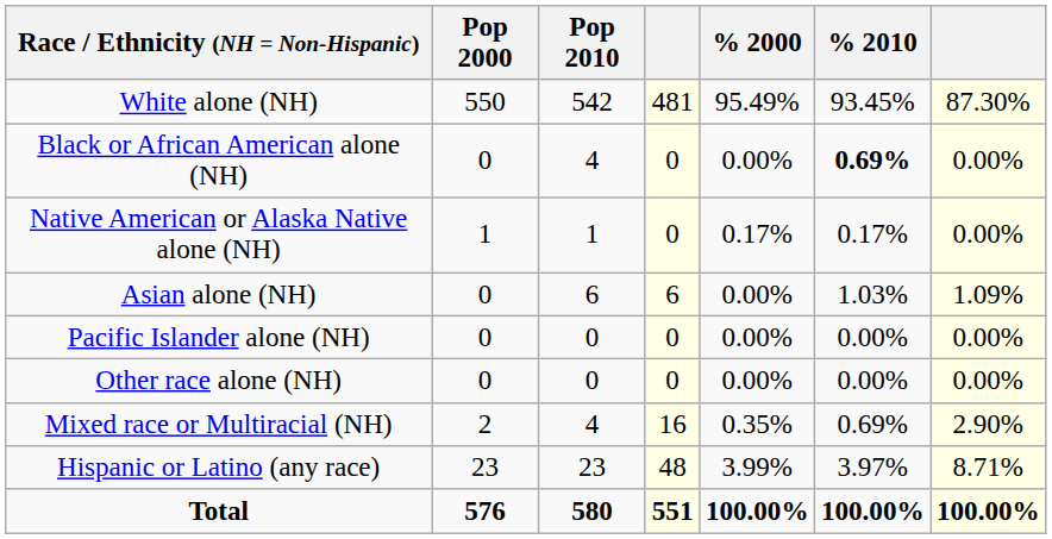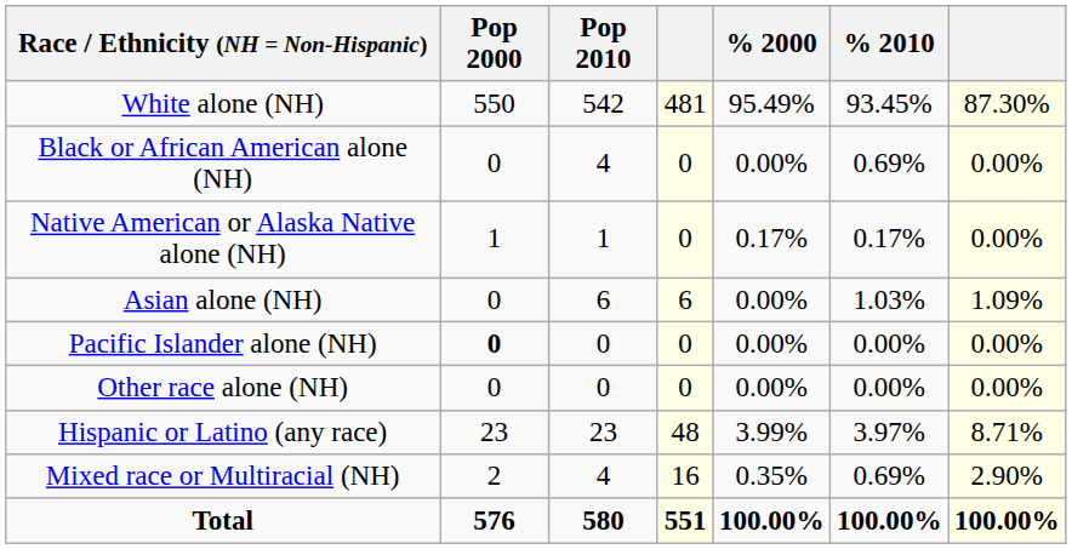 <table class="wikitable" style="text-align:center;">
 <tr>
 <th>Race / Ethnicity <small>(<em>NH = Non-Hispanic</em>)</small></th>
 <th>Pop 2000</th>
 <th>Pop 2010</th>
 <th></th>
 <th>% 2000</th>
 <th>% 2010</th>
 <th></th>
 </tr>
 <tr>
 <td><a href='#'>White</a> alone (NH)</td>
 <td>550</td>
 <td>542</td>
 <td style='background: #ffffe6;'>481</td>
 <td>95.49%</td>
 <td>93.45%</td>
 <td style='background: #ffffe6;'>87.30%</td>
 </tr>
 <tr>
 <td><a href='#'>Black or African American</a> alone (NH)</td>
 <td>0</td>
 <td>4</td>
 <td style='background: #ffffe6;'>0</td>
 <td>0.00%</td>
-<td><strong>0.69%</strong></td>
+<td>0.69%</td>
 <td style='background: #ffffe6;'>0.00%</td>
 </tr>
 <tr>
 <td><a href='#'>Native American</a> or <a href='#'>Alaska Native</a> alone (NH)</td>
 <td>1</td>
 <td>1</td>
 <td style='background: #ffffe6;'>0</td>
 <td>0.17%</td>
 <td>0.17%</td>
 <td style='background: #ffffe6;'>0.00%</td>
 </tr>
 <tr>
 <td><a href='#'>Asian</a> alone (NH)</td>
 <td>0</td>
 <td>6</td>
 <td style='background: #ffffe6;'>6</td>
 <td>0.00%</td>
 <td>1.03%</td>
 <td style='background: #ffffe6;'>1.09%</td>
 </tr>
 <tr>
 <td><a href='#'>Pacific Islander</a> alone (NH)</td>
-<td>0</td>
+<td><strong>0</strong></td>
 <td>0</td>
 <td style='background: #ffffe6;'>0</td>
 <td>0.00%</td>
 <td>0.00%</td>
 <td style='background: #ffffe6;'>0.00%</td>
 </tr>
 <tr>
 <td><a href='#'>Other race</a> alone (NH)</td>
 <td>0</td>
 <td>0</td>
 <td style='background: #ffffe6;'>0</td>
 <td>0.00%</td>
 <td>0.00%</td>
 <td style='background: #ffffe6;'>0.00%</td>
 </tr>
 <tr>
+<td><a href='#'>Hispanic or Latino</a> (any race)</td>
+<td>23</td>
+<td>23</td>
+<td style='background: #ffffe6;'>48</td>
+<td>3.99%</td>
+<td>3.97%</td>
+<td style='background: #ffffe6;'>8.71%</td>
+</tr>
+<tr>
 <td><a href='#'>Mixed race or Multiracial</a> (NH)</td>
 <td>2</td>
 <td>4</td>
 <td style='background: #ffffe6;'>16</td>
 <td>0.35%</td>
 <td>0.69%</td>
 <td style='background: #ffffe6;'>2.90%</td>
-</tr>
-<tr>
-<td><a href='#'>Hispanic or Latino</a> (any race)</td>
-<td>23</td>
-<td>23</td>
-<td style='background: #ffffe6;'>48</td>
-<td>3.99%</td>
-<td>3.97%</td>
-<td style='background: #ffffe6;'>8.71%</td>
 </tr>
 <tr>
 <td><strong>Total</strong></td>
 <td><strong>576</strong></td>
 <td><strong>580</strong></td>
 <td style='background: #ffffe6;'><strong>551</strong></td>
 <td><strong>100.00%</strong></td>
 <td><strong>100.00%</strong></td>
 <td style='background: #ffffe6;'><strong>100.00%</strong></td>
 </tr>
 </table>
